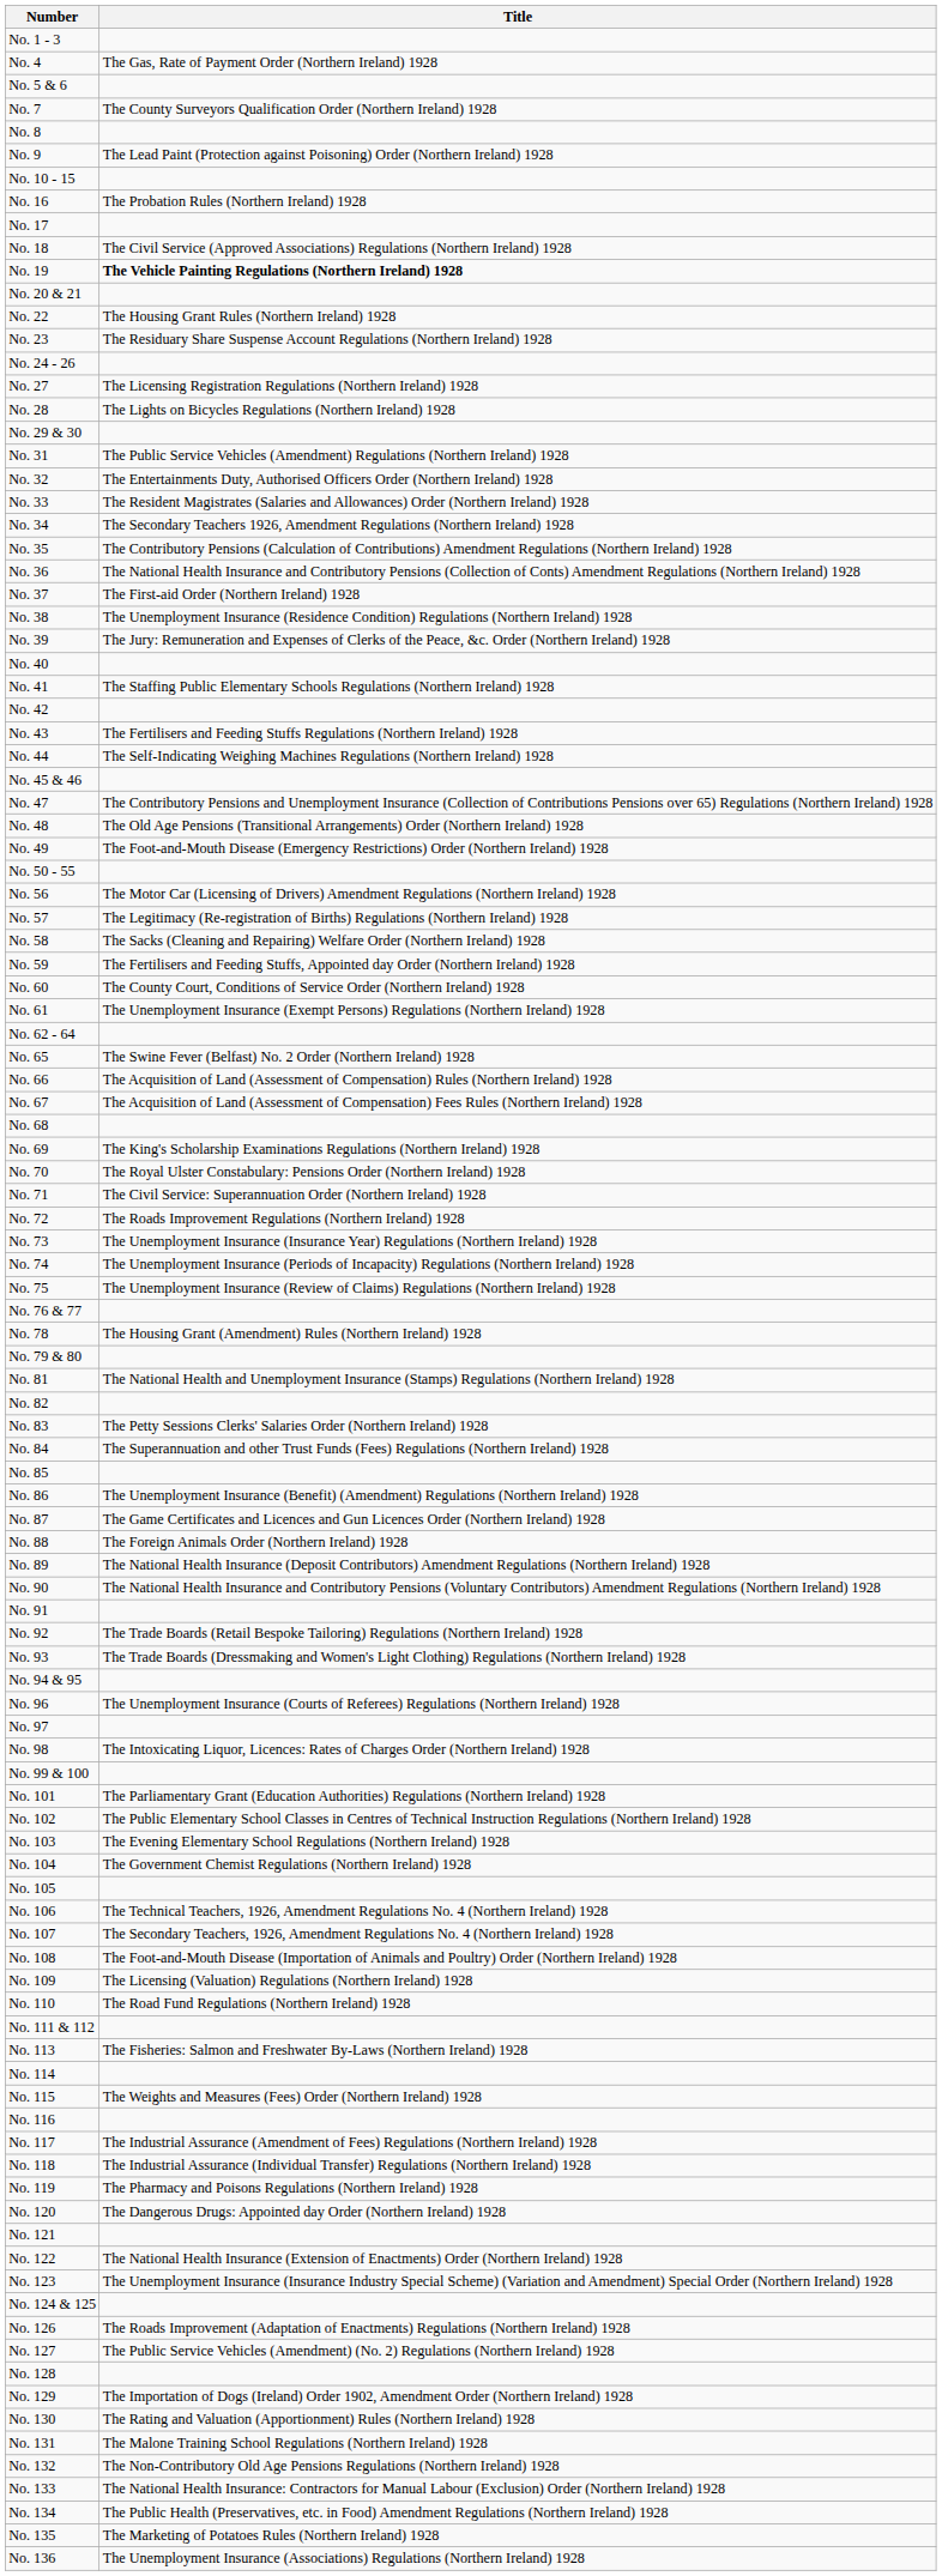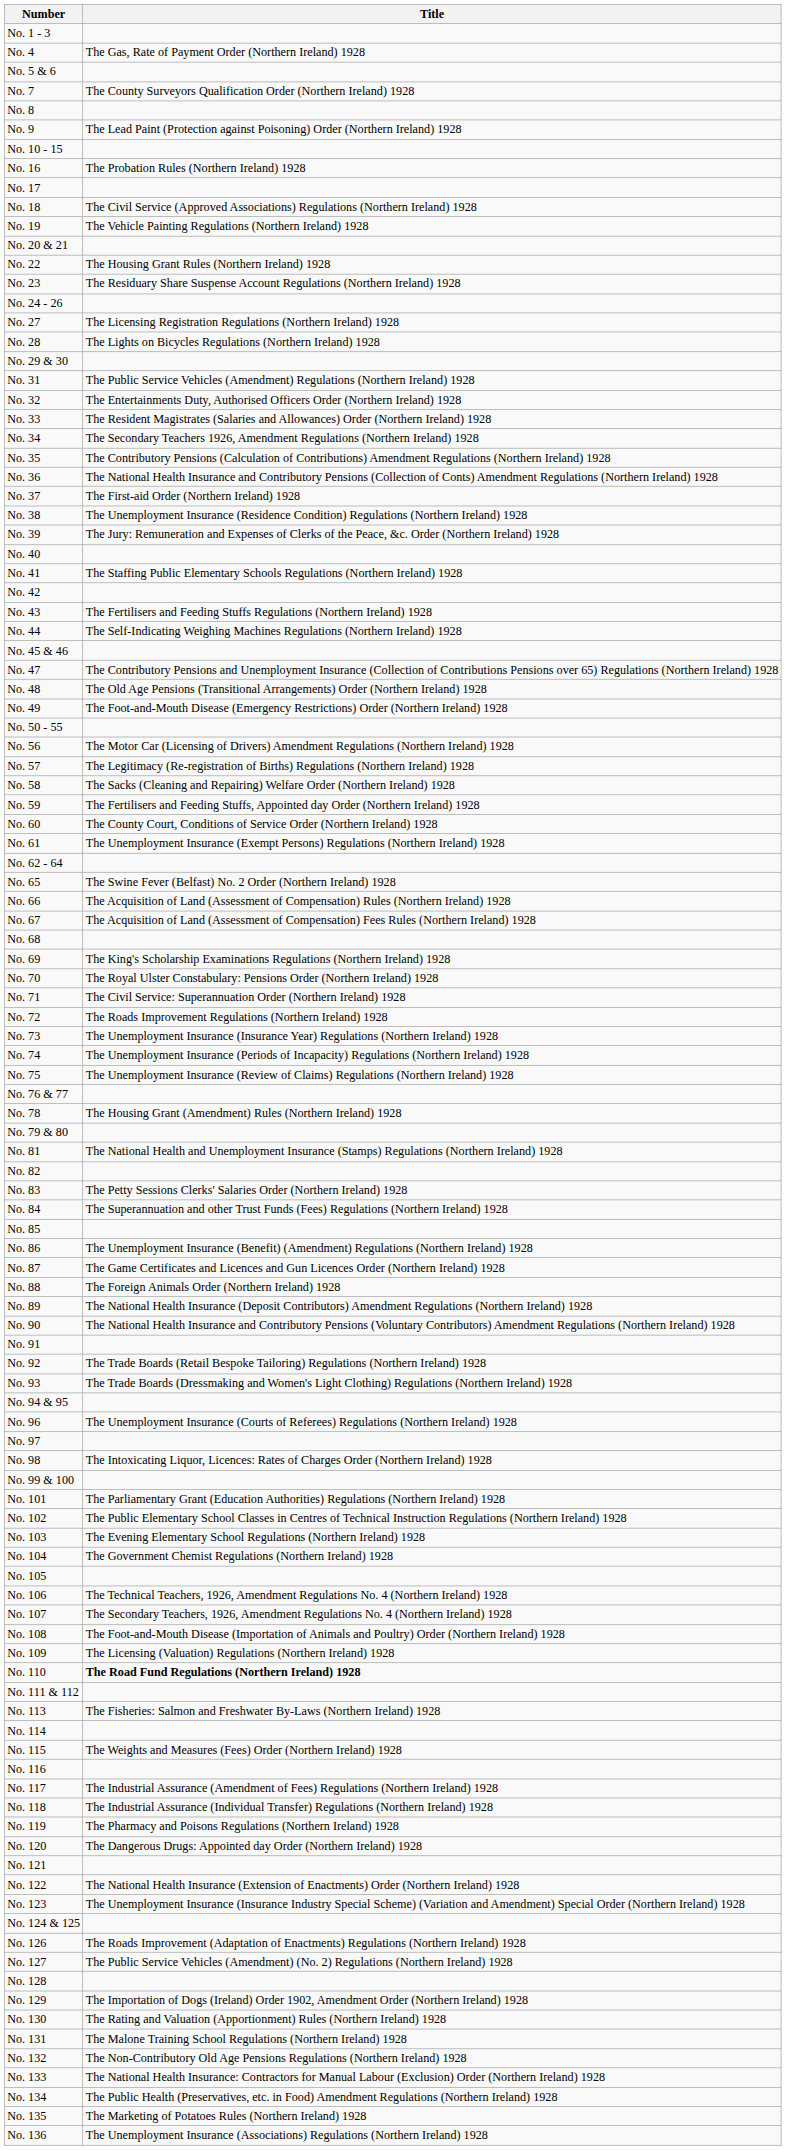 <table class="wikitable collapsible">
 <tr>
 <th>Number</th>
 <th>Title</th>
 </tr>
 <tr>
 <td>No. 1 - 3</td>
 <td></td>
 </tr>
 <tr>
 <td>No. 4</td>
 <td>The Gas, Rate of Payment Order (Northern Ireland) 1928</td>
 </tr>
 <tr>
 <td>No. 5 & 6</td>
 <td></td>
 </tr>
 <tr>
 <td>No. 7</td>
 <td>The County Surveyors Qualification Order (Northern Ireland) 1928</td>
 </tr>
 <tr>
 <td>No. 8</td>
 <td></td>
 </tr>
 <tr>
 <td>No. 9</td>
 <td>The Lead Paint (Protection against Poisoning) Order (Northern Ireland) 1928</td>
 </tr>
 <tr>
 <td>No. 10 - 15</td>
 <td></td>
 </tr>
 <tr>
 <td>No. 16</td>
 <td>The Probation Rules (Northern Ireland) 1928</td>
 </tr>
 <tr>
 <td>No. 17</td>
 <td></td>
 </tr>
 <tr>
 <td>No. 18</td>
 <td>The Civil Service (Approved Associations) Regulations (Northern Ireland) 1928</td>
 </tr>
 <tr>
 <td>No. 19</td>
-<td><strong>The Vehicle Painting Regulations (Northern Ireland) 1928</strong></td>
+<td>The Vehicle Painting Regulations (Northern Ireland) 1928</td>
 </tr>
 <tr>
 <td>No. 20 & 21</td>
 <td></td>
 </tr>
 <tr>
 <td>No. 22</td>
 <td>The Housing Grant Rules (Northern Ireland) 1928</td>
 </tr>
 <tr>
 <td>No. 23</td>
 <td>The Residuary Share Suspense Account Regulations (Northern Ireland) 1928</td>
 </tr>
 <tr>
 <td>No. 24 - 26</td>
 <td></td>
 </tr>
 <tr>
 <td>No. 27</td>
 <td>The Licensing Registration Regulations (Northern Ireland) 1928</td>
 </tr>
 <tr>
 <td>No. 28</td>
 <td>The Lights on Bicycles Regulations (Northern Ireland) 1928</td>
 </tr>
 <tr>
 <td>No. 29 & 30</td>
 <td></td>
 </tr>
 <tr>
 <td>No. 31</td>
 <td>The Public Service Vehicles (Amendment) Regulations (Northern Ireland) 1928</td>
 </tr>
 <tr>
 <td>No. 32</td>
 <td>The Entertainments Duty, Authorised Officers Order (Northern Ireland) 1928</td>
 </tr>
 <tr>
 <td>No. 33</td>
 <td>The Resident Magistrates (Salaries and Allowances) Order (Northern Ireland) 1928</td>
 </tr>
 <tr>
 <td>No. 34</td>
 <td>The Secondary Teachers 1926, Amendment Regulations (Northern Ireland) 1928</td>
 </tr>
 <tr>
 <td>No. 35</td>
 <td>The Contributory Pensions (Calculation of Contributions) Amendment Regulations (Northern Ireland) 1928</td>
 </tr>
 <tr>
 <td>No. 36</td>
 <td>The National Health Insurance and Contributory Pensions (Collection of Conts) Amendment Regulations (Northern Ireland) 1928</td>
 </tr>
 <tr>
 <td>No. 37</td>
 <td>The First-aid Order (Northern Ireland) 1928</td>
 </tr>
 <tr>
 <td>No. 38</td>
 <td>The Unemployment Insurance (Residence Condition) Regulations (Northern Ireland) 1928</td>
 </tr>
 <tr>
 <td>No. 39</td>
 <td>The Jury: Remuneration and Expenses of Clerks of the Peace, &c. Order (Northern Ireland) 1928</td>
 </tr>
 <tr>
 <td>No. 40</td>
 <td></td>
 </tr>
 <tr>
 <td>No. 41</td>
 <td>The Staffing Public Elementary Schools Regulations (Northern Ireland) 1928</td>
 </tr>
 <tr>
 <td>No. 42</td>
 <td></td>
 </tr>
 <tr>
 <td>No. 43</td>
 <td>The Fertilisers and Feeding Stuffs Regulations (Northern Ireland) 1928</td>
 </tr>
 <tr>
 <td>No. 44</td>
 <td>The Self-Indicating Weighing Machines Regulations (Northern Ireland) 1928</td>
 </tr>
 <tr>
 <td>No. 45 & 46</td>
 <td></td>
 </tr>
 <tr>
 <td>No. 47</td>
 <td>The Contributory Pensions and Unemployment Insurance (Collection of Contributions Pensions over 65) Regulations (Northern Ireland) 1928</td>
 </tr>
 <tr>
 <td>No. 48</td>
 <td>The Old Age Pensions (Transitional Arrangements) Order (Northern Ireland) 1928</td>
 </tr>
 <tr>
 <td>No. 49</td>
 <td>The Foot-and-Mouth Disease (Emergency Restrictions) Order (Northern Ireland) 1928</td>
 </tr>
 <tr>
 <td>No. 50 - 55</td>
 <td></td>
 </tr>
 <tr>
 <td>No. 56</td>
 <td>The Motor Car (Licensing of Drivers) Amendment Regulations (Northern Ireland) 1928</td>
 </tr>
 <tr>
 <td>No. 57</td>
 <td>The Legitimacy (Re-registration of Births) Regulations (Northern Ireland) 1928</td>
 </tr>
 <tr>
 <td>No. 58</td>
 <td>The Sacks (Cleaning and Repairing) Welfare Order (Northern Ireland) 1928</td>
 </tr>
 <tr>
 <td>No. 59</td>
 <td>The Fertilisers and Feeding Stuffs, Appointed day Order (Northern Ireland) 1928</td>
 </tr>
 <tr>
 <td>No. 60</td>
 <td>The County Court, Conditions of Service Order (Northern Ireland) 1928</td>
 </tr>
 <tr>
 <td>No. 61</td>
 <td>The Unemployment Insurance (Exempt Persons) Regulations (Northern Ireland) 1928</td>
 </tr>
 <tr>
 <td>No. 62 - 64</td>
 <td></td>
 </tr>
 <tr>
 <td>No. 65</td>
 <td>The Swine Fever (Belfast) No. 2 Order (Northern Ireland) 1928</td>
 </tr>
 <tr>
 <td>No. 66</td>
 <td>The Acquisition of Land (Assessment of Compensation) Rules (Northern Ireland) 1928</td>
 </tr>
 <tr>
 <td>No. 67</td>
 <td>The Acquisition of Land (Assessment of Compensation) Fees Rules (Northern Ireland) 1928</td>
 </tr>
 <tr>
 <td>No. 68</td>
 <td></td>
 </tr>
 <tr>
 <td>No. 69</td>
 <td>The King's Scholarship Examinations Regulations (Northern Ireland) 1928</td>
 </tr>
 <tr>
 <td>No. 70</td>
 <td>The Royal Ulster Constabulary: Pensions Order (Northern Ireland) 1928</td>
 </tr>
 <tr>
 <td>No. 71</td>
 <td>The Civil Service: Superannuation Order (Northern Ireland) 1928</td>
 </tr>
 <tr>
 <td>No. 72</td>
 <td>The Roads Improvement Regulations (Northern Ireland) 1928</td>
 </tr>
 <tr>
 <td>No. 73</td>
 <td>The Unemployment Insurance (Insurance Year) Regulations (Northern Ireland) 1928</td>
 </tr>
 <tr>
 <td>No. 74</td>
 <td>The Unemployment Insurance (Periods of Incapacity) Regulations (Northern Ireland) 1928</td>
 </tr>
 <tr>
 <td>No. 75</td>
 <td>The Unemployment Insurance (Review of Claims) Regulations (Northern Ireland) 1928</td>
 </tr>
 <tr>
 <td>No. 76 & 77</td>
 <td></td>
 </tr>
 <tr>
 <td>No. 78</td>
 <td>The Housing Grant (Amendment) Rules (Northern Ireland) 1928</td>
 </tr>
 <tr>
 <td>No. 79 & 80</td>
 <td></td>
 </tr>
 <tr>
 <td>No. 81</td>
 <td>The National Health and Unemployment Insurance (Stamps) Regulations (Northern Ireland) 1928</td>
 </tr>
 <tr>
 <td>No. 82</td>
 <td></td>
 </tr>
 <tr>
 <td>No. 83</td>
 <td>The Petty Sessions Clerks' Salaries Order (Northern Ireland) 1928</td>
 </tr>
 <tr>
 <td>No. 84</td>
 <td>The Superannuation and other Trust Funds (Fees) Regulations (Northern Ireland) 1928</td>
 </tr>
 <tr>
 <td>No. 85</td>
 <td></td>
 </tr>
 <tr>
 <td>No. 86</td>
 <td>The Unemployment Insurance (Benefit) (Amendment) Regulations (Northern Ireland) 1928</td>
 </tr>
 <tr>
 <td>No. 87</td>
 <td>The Game Certificates and Licences and Gun Licences Order (Northern Ireland) 1928</td>
 </tr>
 <tr>
 <td>No. 88</td>
 <td>The Foreign Animals Order (Northern Ireland) 1928</td>
 </tr>
 <tr>
 <td>No. 89</td>
 <td>The National Health Insurance (Deposit Contributors) Amendment Regulations (Northern Ireland) 1928</td>
 </tr>
 <tr>
 <td>No. 90</td>
 <td>The National Health Insurance and Contributory Pensions (Voluntary Contributors) Amendment Regulations (Northern Ireland) 1928</td>
 </tr>
 <tr>
 <td>No. 91</td>
 <td></td>
 </tr>
 <tr>
 <td>No. 92</td>
 <td>The Trade Boards (Retail Bespoke Tailoring) Regulations (Northern Ireland) 1928</td>
 </tr>
 <tr>
 <td>No. 93</td>
 <td>The Trade Boards (Dressmaking and Women's Light Clothing) Regulations (Northern Ireland) 1928</td>
 </tr>
 <tr>
 <td>No. 94 & 95</td>
 <td></td>
 </tr>
 <tr>
 <td>No. 96</td>
 <td>The Unemployment Insurance (Courts of Referees) Regulations (Northern Ireland) 1928</td>
 </tr>
 <tr>
 <td>No. 97</td>
 <td></td>
 </tr>
 <tr>
 <td>No. 98</td>
 <td>The Intoxicating Liquor, Licences: Rates of Charges Order (Northern Ireland) 1928</td>
 </tr>
 <tr>
 <td>No. 99 & 100</td>
 <td></td>
 </tr>
 <tr>
 <td>No. 101</td>
 <td>The Parliamentary Grant (Education Authorities) Regulations (Northern Ireland) 1928</td>
 </tr>
 <tr>
 <td>No. 102</td>
 <td>The Public Elementary School Classes in Centres of Technical Instruction Regulations (Northern Ireland) 1928</td>
 </tr>
 <tr>
 <td>No. 103</td>
 <td>The Evening Elementary School Regulations (Northern Ireland) 1928</td>
 </tr>
 <tr>
 <td>No. 104</td>
 <td>The Government Chemist Regulations (Northern Ireland) 1928</td>
 </tr>
 <tr>
 <td>No. 105</td>
 <td></td>
 </tr>
 <tr>
 <td>No. 106</td>
 <td>The Technical Teachers, 1926, Amendment Regulations No. 4 (Northern Ireland) 1928</td>
 </tr>
 <tr>
 <td>No. 107</td>
 <td>The Secondary Teachers, 1926, Amendment Regulations No. 4 (Northern Ireland) 1928</td>
 </tr>
 <tr>
 <td>No. 108</td>
 <td>The Foot-and-Mouth Disease (Importation of Animals and Poultry) Order (Northern Ireland) 1928</td>
 </tr>
 <tr>
 <td>No. 109</td>
 <td>The Licensing (Valuation) Regulations (Northern Ireland) 1928</td>
 </tr>
 <tr>
 <td>No. 110</td>
-<td>The Road Fund Regulations (Northern Ireland) 1928</td>
+<td><strong>The Road Fund Regulations (Northern Ireland) 1928</strong></td>
 </tr>
 <tr>
 <td>No. 111 & 112</td>
 <td></td>
 </tr>
 <tr>
 <td>No. 113</td>
 <td>The Fisheries: Salmon and Freshwater By-Laws (Northern Ireland) 1928</td>
 </tr>
 <tr>
 <td>No. 114</td>
 <td></td>
 </tr>
 <tr>
 <td>No. 115</td>
 <td>The Weights and Measures (Fees) Order (Northern Ireland) 1928</td>
 </tr>
 <tr>
 <td>No. 116</td>
 <td></td>
 </tr>
 <tr>
 <td>No. 117</td>
 <td>The Industrial Assurance (Amendment of Fees) Regulations (Northern Ireland) 1928</td>
 </tr>
 <tr>
 <td>No. 118</td>
 <td>The Industrial Assurance (Individual Transfer) Regulations (Northern Ireland) 1928</td>
 </tr>
 <tr>
 <td>No. 119</td>
 <td>The Pharmacy and Poisons Regulations (Northern Ireland) 1928</td>
 </tr>
 <tr>
 <td>No. 120</td>
 <td>The Dangerous Drugs: Appointed day Order (Northern Ireland) 1928</td>
 </tr>
 <tr>
 <td>No. 121</td>
 <td></td>
 </tr>
 <tr>
 <td>No. 122</td>
 <td>The National Health Insurance (Extension of Enactments) Order (Northern Ireland) 1928</td>
 </tr>
 <tr>
 <td>No. 123</td>
 <td>The Unemployment Insurance (Insurance Industry Special Scheme) (Variation and Amendment) Special Order (Northern Ireland) 1928</td>
 </tr>
 <tr>
 <td>No. 124 & 125</td>
 <td></td>
 </tr>
 <tr>
 <td>No. 126</td>
 <td>The Roads Improvement (Adaptation of Enactments) Regulations (Northern Ireland) 1928</td>
 </tr>
 <tr>
 <td>No. 127</td>
 <td>The Public Service Vehicles (Amendment) (No. 2) Regulations (Northern Ireland) 1928</td>
 </tr>
 <tr>
 <td>No. 128</td>
 <td></td>
 </tr>
 <tr>
 <td>No. 129</td>
 <td>The Importation of Dogs (Ireland) Order 1902, Amendment Order (Northern Ireland) 1928</td>
 </tr>
 <tr>
 <td>No. 130</td>
 <td>The Rating and Valuation (Apportionment) Rules (Northern Ireland) 1928</td>
 </tr>
 <tr>
 <td>No. 131</td>
 <td>The Malone Training School Regulations (Northern Ireland) 1928</td>
 </tr>
 <tr>
 <td>No. 132</td>
 <td>The Non-Contributory Old Age Pensions Regulations (Northern Ireland) 1928</td>
 </tr>
 <tr>
 <td>No. 133</td>
 <td>The National Health Insurance: Contractors for Manual Labour (Exclusion) Order (Northern Ireland) 1928</td>
 </tr>
 <tr>
 <td>No. 134</td>
 <td>The Public Health (Preservatives, etc. in Food) Amendment Regulations (Northern Ireland) 1928</td>
 </tr>
 <tr>
 <td>No. 135</td>
 <td>The Marketing of Potatoes Rules (Northern Ireland) 1928</td>
 </tr>
 <tr>
 <td>No. 136</td>
 <td>The Unemployment Insurance (Associations) Regulations (Northern Ireland) 1928</td>
 </tr>
 </table>
